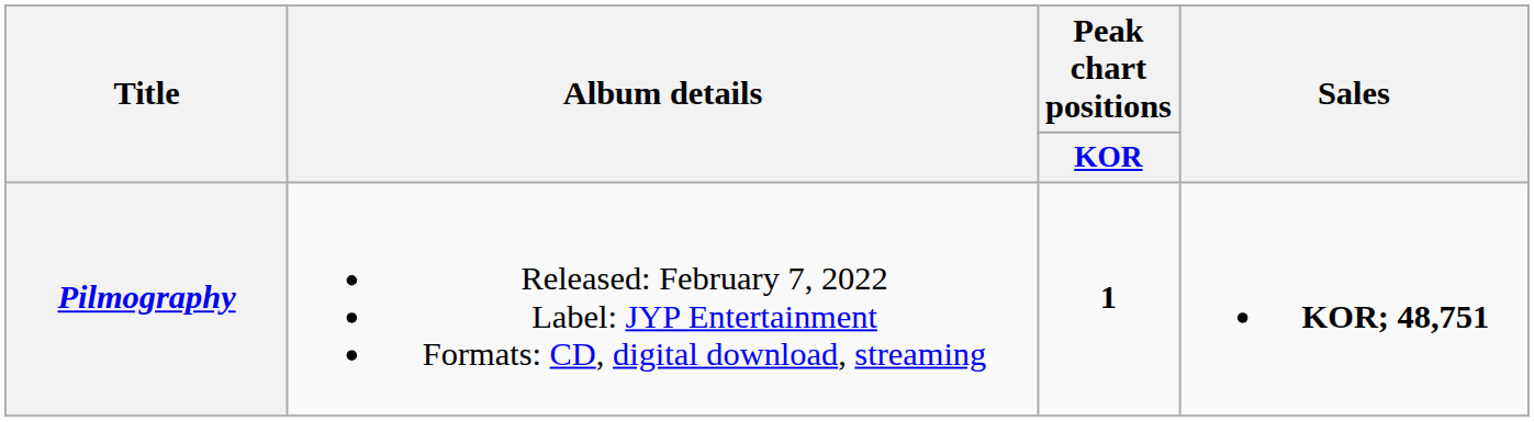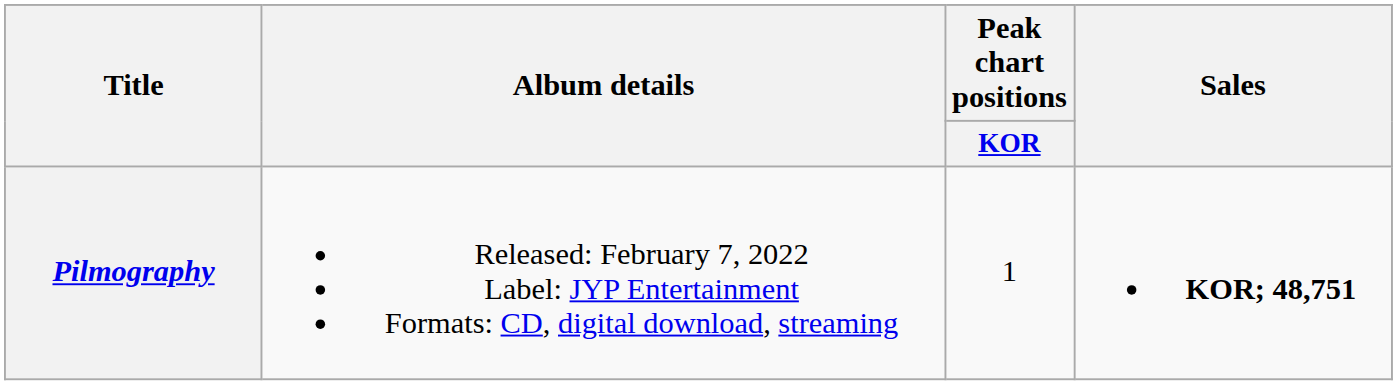 <table class="wikitable plainrowheaders" style="text-align:center;">
 <tr>
 <th scope="col" rowspan="2" style="width:8em;">Title</th>
 <th scope="col" rowspan="2" style="width:22em;">Album details</th>
 <th scope="col" colspan="1">Peak chart positions</th>
 <th scope="col" rowspan="2" style="width:10em;">Sales</th>
 </tr>
 <tr>
 <th scope="col" style="width:3em;font-size:90%;"><a href='#'>KOR</a><br></th>
 </tr>
 <tr>
 <th scope="row"><em><a href='#'>Pilmography</a></em></th>
 <td><br><ul><li>Released: February 7, 2022</li><li>Label: <a href='#'>JYP Entertainment</a></li><li>Formats: <a href='#'>CD</a>, <a href='#'>digital download</a>, <a href='#'>streaming</a></li></ul></td>
-<td><strong>1</strong></td>
+<td>1</td>
 <td><strong><br><ul><li>KOR; 48,751</li></ul></strong></td>
 </tr>
 </table>
